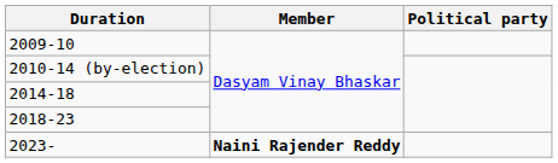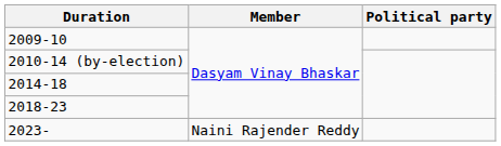 <table class="wikitable">
 <tr>
 <th>Duration</th>
 <th>Member</th>
 <th colspan="2">Political party</th>
 </tr>
 <tr>
 <td>2009-10</td>
 <td rowspan=4><a href='#'>Dasyam Vinay Bhaskar</a></td>
 <td></td>
 </tr>
 <tr>
 <td>2010-14 (by-election)</td>
 </tr>
 <tr>
 <td>2014-18</td>
 </tr>
 <tr>
 <td>2018-23</td>
 </tr>
 <tr>
 <td>2023-</td>
-<td><strong>Naini Rajender Reddy</strong></td>
+<td>Naini Rajender Reddy</td>
 <td></td>
 </tr>
 </table>
